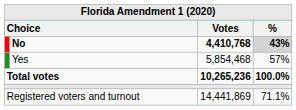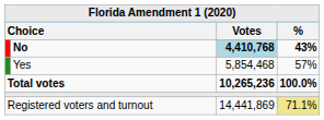 <table class="wikitable" style="text-align:right;">
 <tr>
 <td colspan="4" style="background:#e9e9e9; text-align:center;"> <strong>Florida Amendment 1 (2020)</strong></td>
 </tr>
 <tr style="background:#09a8ff; text-align:center;">
 <th colspan="2" style="text-align:left; width:300px;">Choice</th>
 <th style="width:80px;">Votes</th>
 <th style="width:50px;">%</th>
 </tr>
 <tr>
 <td style="width:1px; background:#f00;"></td>
 <td style="text-align:left;"><strong>No</strong></td>
-<td><strong>4,410,768</strong></td>
-<td style="background: lightgrey;"><strong>43%</strong></td>
+<td style="background: lightblue;"><strong>4,410,768</strong></td>
+<td><strong>43%</strong></td>
 </tr>
 <tr>
 <td style="background:#228B22;"></td>
 <td style="text-align:left;">Yes</td>
 <td>5,854,468</td>
 <td>57%</td>
 </tr>
 <tr style="font-weight:bold;">
 <td colspan="2" style="text-align:left;">Total votes</td>
 <td>10,265,236</td>
 <td>100.0%</td>
 </tr>
 <tr>
 <td colspan="4" style="background:#e9e9e9;"></td>
 </tr>
 <tr>
 <td colspan="2" style="text-align:left;">Registered voters and turnout</td>
 <td>14,441,869</td>
-<td>71.1%</td>
+<td style="background: khaki;">71.1%</td>
 </tr>
 </table>
